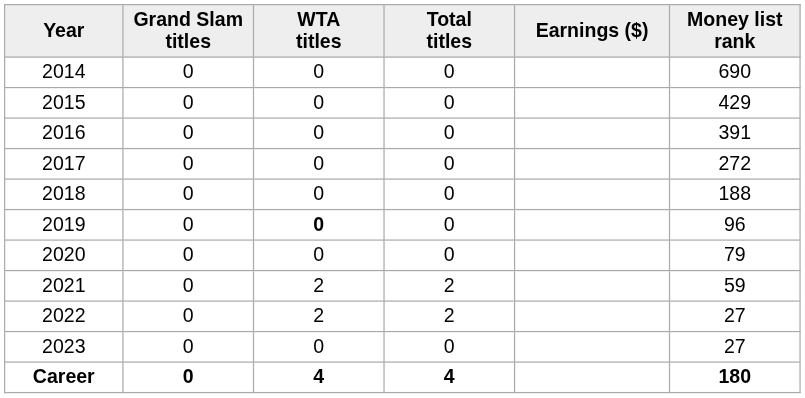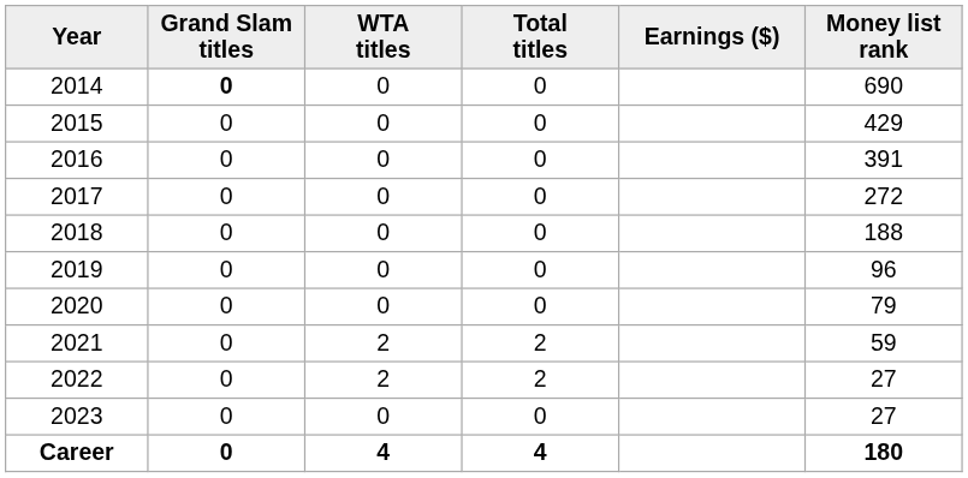 <table cellpadding=3 cellspacing=0 border=1 style=border:#aaa;solid:1px;border-collapse:collapse;text-align:center;>
 <tr style=background:#eee;font-weight:bold>
 <td width="90">Year</td>
 <td width="100">Grand Slam <br>titles</td>
 <td width="100">WTA <br>titles</td>
 <td width="100">Total <br>titles</td>
 <td width="120">Earnings ($)</td>
 <td width="100">Money list rank</td>
 </tr>
 <tr>
 <td>2014</td>
-<td>0</td>
+<td><strong>0</strong></td>
 <td>0</td>
 <td>0</td>
 <td align="right"></td>
 <td>690</td>
 </tr>
 <tr>
 <td>2015</td>
 <td>0</td>
 <td>0</td>
 <td>0</td>
 <td align="right"></td>
 <td>429</td>
 </tr>
 <tr>
 <td>2016</td>
 <td>0</td>
 <td>0</td>
 <td>0</td>
 <td align="right"></td>
 <td>391</td>
 </tr>
 <tr>
 <td>2017</td>
 <td>0</td>
 <td>0</td>
 <td>0</td>
 <td align="right"></td>
 <td>272</td>
 </tr>
 <tr>
 <td>2018</td>
 <td>0</td>
 <td>0</td>
 <td>0</td>
 <td align="right"></td>
 <td>188</td>
 </tr>
 <tr>
 <td>2019</td>
 <td>0</td>
-<td><strong>0</strong></td>
+<td>0</td>
 <td>0</td>
 <td align="right"></td>
 <td>96</td>
 </tr>
 <tr>
 <td>2020</td>
 <td>0</td>
 <td>0</td>
 <td>0</td>
 <td align="right"></td>
 <td>79</td>
 </tr>
 <tr>
 <td>2021</td>
 <td>0</td>
 <td>2</td>
 <td>2</td>
 <td align="right"></td>
 <td>59</td>
 </tr>
 <tr>
 <td>2022</td>
 <td>0</td>
 <td>2</td>
 <td>2</td>
 <td align="right"></td>
 <td>27</td>
 </tr>
 <tr>
 <td>2023</td>
 <td>0</td>
 <td>0</td>
 <td>0</td>
 <td align="right"></td>
 <td>27</td>
 </tr>
 <tr style="font-weight:bold;">
 <td>Career</td>
 <td>0</td>
 <td>4</td>
 <td>4</td>
 <td align="right"></td>
 <td>180</td>
 </tr>
 </table>
